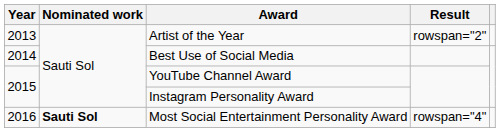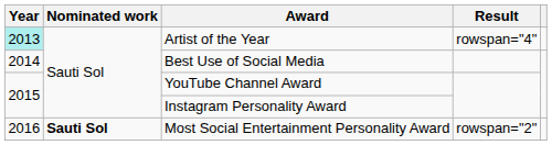 <table class ="wikitable">
 <tr>
 <th>Year</th>
 <th>Nominated work</th>
 <th>Award</th>
 <th>Result</th>
 <th></th>
 </tr>
 <tr>
-<td>2013</td>
+<td style="background: paleturquoise;">2013</td>
 <td rowspan="4">Sauti Sol</td>
 <td>Artist of the Year</td>
-<td>rowspan="2" </td>
+<td>rowspan="4" </td>
 <td></td>
 </tr>
 <tr>
 <td>2014</td>
 <td>Best Use of Social Media</td>
 <td></td>
 </tr>
 <tr>
 <td rowspan="2">2015</td>
 <td>YouTube Channel Award</td>
 <td rowspan="2"></td>
 </tr>
 <tr>
 <td>Instagram Personality Award</td>
 </tr>
 <tr>
 <td rowspan="2">2016</td>
 <td><strong>Sauti Sol</strong></td>
 <td>Most Social Entertainment Personality Award</td>
-<td>rowspan="4" </td>
+<td>rowspan="2" </td>
 <td></td>
 </tr>
 </table>
